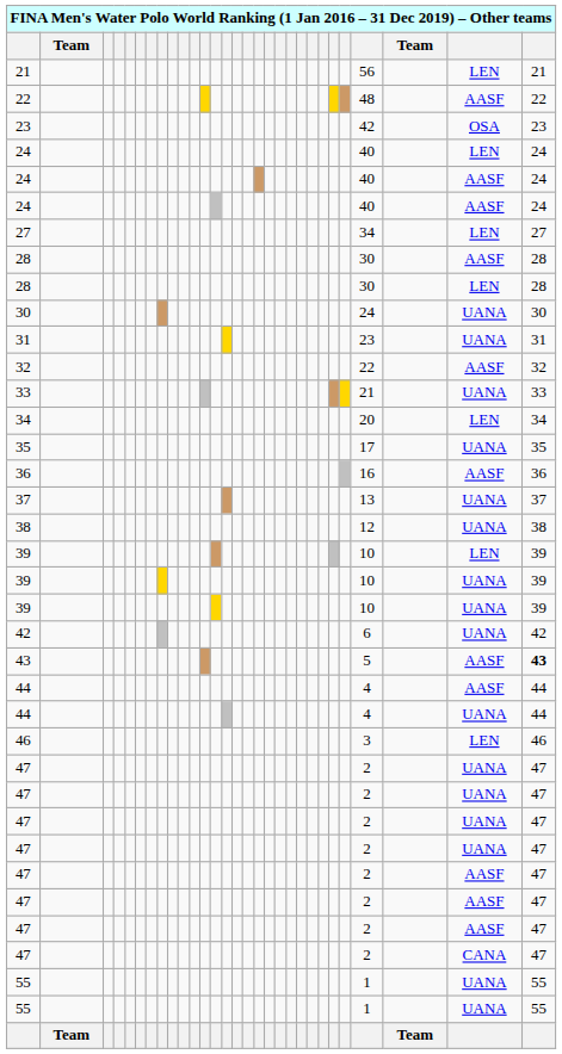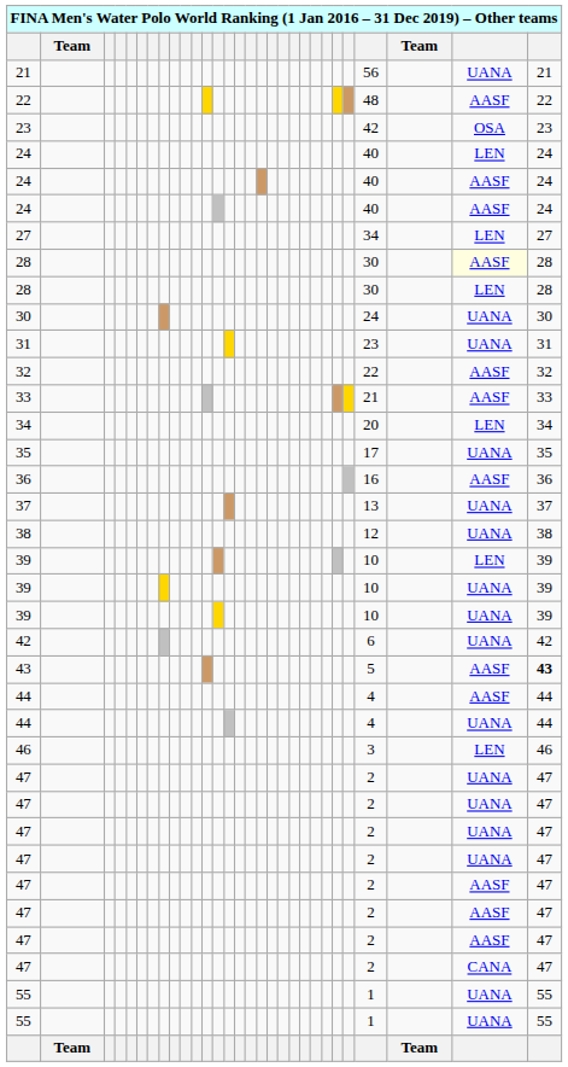 <table class="wikitable mw-collapsible autocollapse" style="text-align: center; font-size: 75%; margin-left: 1em;">
 <tr>
 <th colspan="29" style="background-color: #ccffff;">FINA Men's Water Polo World Ranking (1 Jan 2016 – 31 Dec 2019) – Other teams</th>
 </tr>
 <tr>
 <th></th>
 <th>Team</th>
 <th><a href='#'></a></th>
 <th><a href='#'></a></th>
 <th><a href='#'></a></th>
 <th><a href='#'></a></th>
 <th><a href='#'></a></th>
 <th></th>
 <th><a href='#'></a></th>
 <th><a href='#'></a></th>
 <th><a href='#'></a></th>
 <th><a href='#'></a></th>
 <th><a href='#'></a></th>
 <th></th>
 <th><a href='#'></a></th>
 <th><a href='#'></a></th>
 <th><a href='#'></a></th>
 <th><a href='#'></a></th>
 <th><a href='#'></a></th>
 <th><a href='#'></a></th>
 <th><a href='#'></a></th>
 <th><a href='#'></a></th>
 <th><a href='#'></a></th>
 <th><a href='#'></a></th>
 <th><a href='#'></a></th>
 <th></th>
 <th>Team</th>
 <th></th>
 <th></th>
 </tr>
 <tr>
 <td>21</td>
 <td style="text-align: left;"></td>
 <td></td>
 <td></td>
 <td></td>
 <td></td>
 <td></td>
 <td></td>
 <td></td>
 <td></td>
 <td></td>
 <td></td>
 <td></td>
 <td></td>
 <td></td>
 <td></td>
 <td></td>
 <td></td>
 <td></td>
 <td></td>
 <td></td>
 <td></td>
 <td></td>
 <td></td>
 <td></td>
 <td>56</td>
 <td style="text-align: left;"></td>
-<td><a href='#'>LEN</a></td>
+<td><a href='#'>UANA</a></td>
 <td>21</td>
 </tr>
 <tr>
 <td>22</td>
 <td style="text-align: left;"></td>
 <td></td>
 <td></td>
 <td></td>
 <td></td>
 <td></td>
 <td></td>
 <td></td>
 <td></td>
 <td></td>
 <td style="background-color: gold;"></td>
 <td></td>
 <td></td>
 <td></td>
 <td></td>
 <td></td>
 <td></td>
 <td></td>
 <td></td>
 <td></td>
 <td></td>
 <td></td>
 <td style="background-color: gold;"></td>
 <td style="background-color: #cc9966;"></td>
 <td>48</td>
 <td style="text-align: left;"></td>
 <td><a href='#'>AASF</a></td>
 <td>22</td>
 </tr>
 <tr>
 <td>23</td>
 <td style="text-align: left;"></td>
 <td></td>
 <td></td>
 <td></td>
 <td></td>
 <td></td>
 <td></td>
 <td></td>
 <td></td>
 <td></td>
 <td></td>
 <td></td>
 <td></td>
 <td></td>
 <td></td>
 <td></td>
 <td></td>
 <td></td>
 <td></td>
 <td></td>
 <td></td>
 <td></td>
 <td></td>
 <td></td>
 <td>42</td>
 <td style="text-align: left;"></td>
 <td><a href='#'>OSA</a></td>
 <td>23</td>
 </tr>
 <tr>
 <td>24</td>
 <td style="text-align: left;"></td>
 <td></td>
 <td></td>
 <td></td>
 <td></td>
 <td></td>
 <td></td>
 <td></td>
 <td></td>
 <td></td>
 <td></td>
 <td></td>
 <td></td>
 <td></td>
 <td></td>
 <td></td>
 <td></td>
 <td></td>
 <td></td>
 <td></td>
 <td></td>
 <td></td>
 <td></td>
 <td></td>
 <td>40</td>
 <td style="text-align: left;"></td>
 <td><a href='#'>LEN</a></td>
 <td>24</td>
 </tr>
 <tr>
 <td>24</td>
 <td style="text-align: left;"></td>
 <td></td>
 <td></td>
 <td></td>
 <td></td>
 <td></td>
 <td></td>
 <td></td>
 <td></td>
 <td></td>
 <td></td>
 <td></td>
 <td></td>
 <td></td>
 <td></td>
 <td style="background-color: #cc9966;"></td>
 <td></td>
 <td></td>
 <td></td>
 <td></td>
 <td></td>
 <td></td>
 <td></td>
 <td></td>
 <td>40</td>
 <td style="text-align: left;"></td>
 <td><a href='#'>AASF</a></td>
 <td>24</td>
 </tr>
 <tr>
 <td>24</td>
 <td style="text-align: left;"></td>
 <td></td>
 <td></td>
 <td></td>
 <td></td>
 <td></td>
 <td></td>
 <td></td>
 <td></td>
 <td></td>
 <td></td>
 <td style="background-color: silver;"></td>
 <td></td>
 <td></td>
 <td></td>
 <td></td>
 <td></td>
 <td></td>
 <td></td>
 <td></td>
 <td></td>
 <td></td>
 <td></td>
 <td></td>
 <td>40</td>
 <td style="text-align: left;"></td>
 <td><a href='#'>AASF</a></td>
 <td>24</td>
 </tr>
 <tr>
 <td>27</td>
 <td style="text-align: left;"></td>
 <td></td>
 <td></td>
 <td></td>
 <td></td>
 <td></td>
 <td></td>
 <td></td>
 <td></td>
 <td></td>
 <td></td>
 <td></td>
 <td></td>
 <td></td>
 <td></td>
 <td></td>
 <td></td>
 <td></td>
 <td></td>
 <td></td>
 <td></td>
 <td></td>
 <td></td>
 <td></td>
 <td>34</td>
 <td style="text-align: left;"></td>
 <td><a href='#'>LEN</a></td>
 <td>27</td>
 </tr>
 <tr>
 <td>28</td>
 <td style="text-align: left;"></td>
 <td></td>
 <td></td>
 <td></td>
 <td></td>
 <td></td>
 <td></td>
 <td></td>
 <td></td>
 <td></td>
 <td></td>
 <td></td>
 <td></td>
 <td></td>
 <td></td>
 <td></td>
 <td></td>
 <td></td>
 <td></td>
 <td></td>
 <td></td>
 <td></td>
 <td></td>
 <td></td>
 <td>30</td>
 <td style="text-align: left;"></td>
-<td><a href='#'>AASF</a></td>
+<td style="background: lightyellow;"><a href='#'>AASF</a></td>
 <td>28</td>
 </tr>
 <tr>
 <td>28</td>
 <td style="text-align: left;"></td>
 <td></td>
 <td></td>
 <td></td>
 <td></td>
 <td></td>
 <td></td>
 <td></td>
 <td></td>
 <td></td>
 <td></td>
 <td></td>
 <td></td>
 <td></td>
 <td></td>
 <td></td>
 <td></td>
 <td></td>
 <td></td>
 <td></td>
 <td></td>
 <td></td>
 <td></td>
 <td></td>
 <td>30</td>
 <td style="text-align: left;"></td>
 <td><a href='#'>LEN</a></td>
 <td>28</td>
 </tr>
 <tr>
 <td>30</td>
 <td style="text-align: left;"></td>
 <td></td>
 <td></td>
 <td></td>
 <td></td>
 <td></td>
 <td style="background-color: #cc9966;"></td>
 <td></td>
 <td></td>
 <td></td>
 <td></td>
 <td></td>
 <td></td>
 <td></td>
 <td></td>
 <td></td>
 <td></td>
 <td></td>
 <td></td>
 <td></td>
 <td></td>
 <td></td>
 <td></td>
 <td></td>
 <td>24</td>
 <td style="text-align: left;"></td>
 <td><a href='#'>UANA</a></td>
 <td>30</td>
 </tr>
 <tr>
 <td>31</td>
 <td style="text-align: left;"></td>
 <td></td>
 <td></td>
 <td></td>
 <td></td>
 <td></td>
 <td></td>
 <td></td>
 <td></td>
 <td></td>
 <td></td>
 <td></td>
 <td style="background-color: gold;"></td>
 <td></td>
 <td></td>
 <td></td>
 <td></td>
 <td></td>
 <td></td>
 <td></td>
 <td></td>
 <td></td>
 <td></td>
 <td></td>
 <td>23</td>
 <td style="text-align: left;"></td>
 <td><a href='#'>UANA</a></td>
 <td>31</td>
 </tr>
 <tr>
 <td>32</td>
 <td style="text-align: left;"></td>
 <td></td>
 <td></td>
 <td></td>
 <td></td>
 <td></td>
 <td></td>
 <td></td>
 <td></td>
 <td></td>
 <td></td>
 <td></td>
 <td></td>
 <td></td>
 <td></td>
 <td></td>
 <td></td>
 <td></td>
 <td></td>
 <td></td>
 <td></td>
 <td></td>
 <td></td>
 <td></td>
 <td>22</td>
 <td style="text-align: left;"></td>
 <td><a href='#'>AASF</a></td>
 <td>32</td>
 </tr>
 <tr>
 <td>33</td>
 <td style="text-align: left;"></td>
 <td></td>
 <td></td>
 <td></td>
 <td></td>
 <td></td>
 <td></td>
 <td></td>
 <td></td>
 <td></td>
 <td style="background-color: silver;"></td>
 <td></td>
 <td></td>
 <td></td>
 <td></td>
 <td></td>
 <td></td>
 <td></td>
 <td></td>
 <td></td>
 <td></td>
 <td></td>
 <td style="background-color: #cc9966;"></td>
 <td style="background-color: gold;"></td>
 <td>21</td>
 <td style="text-align: left;"></td>
-<td><a href='#'>UANA</a></td>
+<td><a href='#'>AASF</a></td>
 <td>33</td>
 </tr>
 <tr>
 <td>34</td>
 <td style="text-align: left;"></td>
 <td></td>
 <td></td>
 <td></td>
 <td></td>
 <td></td>
 <td></td>
 <td></td>
 <td></td>
 <td></td>
 <td></td>
 <td></td>
 <td></td>
 <td></td>
 <td></td>
 <td></td>
 <td></td>
 <td></td>
 <td></td>
 <td></td>
 <td></td>
 <td></td>
 <td></td>
 <td></td>
 <td>20</td>
 <td style="text-align: left;"></td>
 <td><a href='#'>LEN</a></td>
 <td>34</td>
 </tr>
 <tr>
 <td>35</td>
 <td style="text-align: left;"></td>
 <td></td>
 <td></td>
 <td></td>
 <td></td>
 <td></td>
 <td></td>
 <td></td>
 <td></td>
 <td></td>
 <td></td>
 <td></td>
 <td></td>
 <td></td>
 <td></td>
 <td></td>
 <td></td>
 <td></td>
 <td></td>
 <td></td>
 <td></td>
 <td></td>
 <td></td>
 <td></td>
 <td>17</td>
 <td style="text-align: left;"></td>
 <td><a href='#'>UANA</a></td>
 <td>35</td>
 </tr>
 <tr>
 <td>36</td>
 <td style="text-align: left;"></td>
 <td></td>
 <td></td>
 <td></td>
 <td></td>
 <td></td>
 <td></td>
 <td></td>
 <td></td>
 <td></td>
 <td></td>
 <td></td>
 <td></td>
 <td></td>
 <td></td>
 <td></td>
 <td></td>
 <td></td>
 <td></td>
 <td></td>
 <td></td>
 <td></td>
 <td></td>
 <td style="background-color: silver;"></td>
 <td>16</td>
 <td style="text-align: left;"></td>
 <td><a href='#'>AASF</a></td>
 <td>36</td>
 </tr>
 <tr>
 <td>37</td>
 <td style="text-align: left;"></td>
 <td></td>
 <td></td>
 <td></td>
 <td></td>
 <td></td>
 <td></td>
 <td></td>
 <td></td>
 <td></td>
 <td></td>
 <td></td>
 <td style="background-color: #cc9966;"></td>
 <td></td>
 <td></td>
 <td></td>
 <td></td>
 <td></td>
 <td></td>
 <td></td>
 <td></td>
 <td></td>
 <td></td>
 <td></td>
 <td>13</td>
 <td style="text-align: left;"></td>
 <td><a href='#'>UANA</a></td>
 <td>37</td>
 </tr>
 <tr>
 <td>38</td>
 <td style="text-align: left;"></td>
 <td></td>
 <td></td>
 <td></td>
 <td></td>
 <td></td>
 <td></td>
 <td></td>
 <td></td>
 <td></td>
 <td></td>
 <td></td>
 <td></td>
 <td></td>
 <td></td>
 <td></td>
 <td></td>
 <td></td>
 <td></td>
 <td></td>
 <td></td>
 <td></td>
 <td></td>
 <td></td>
 <td>12</td>
 <td style="text-align: left;"></td>
 <td><a href='#'>UANA</a></td>
 <td>38</td>
 </tr>
 <tr>
 <td>39</td>
 <td style="text-align: left;"></td>
 <td></td>
 <td></td>
 <td></td>
 <td></td>
 <td></td>
 <td></td>
 <td></td>
 <td></td>
 <td></td>
 <td></td>
 <td style="background-color: #cc9966;"></td>
 <td></td>
 <td></td>
 <td></td>
 <td></td>
 <td></td>
 <td></td>
 <td></td>
 <td></td>
 <td></td>
 <td></td>
 <td style="background-color: silver;"></td>
 <td></td>
 <td>10</td>
 <td style="text-align: left;"></td>
 <td><a href='#'>LEN</a></td>
 <td>39</td>
 </tr>
 <tr>
 <td>39</td>
 <td style="text-align: left;"></td>
 <td></td>
 <td></td>
 <td></td>
 <td></td>
 <td></td>
 <td style="background-color: gold;"></td>
 <td></td>
 <td></td>
 <td></td>
 <td></td>
 <td></td>
 <td></td>
 <td></td>
 <td></td>
 <td></td>
 <td></td>
 <td></td>
 <td></td>
 <td></td>
 <td></td>
 <td></td>
 <td></td>
 <td></td>
 <td>10</td>
 <td style="text-align: left;"></td>
 <td><a href='#'>UANA</a></td>
 <td>39</td>
 </tr>
 <tr>
 <td>39</td>
 <td style="text-align: left;"></td>
 <td></td>
 <td></td>
 <td></td>
 <td></td>
 <td></td>
 <td></td>
 <td></td>
 <td></td>
 <td></td>
 <td></td>
 <td style="background-color: gold;"></td>
 <td></td>
 <td></td>
 <td></td>
 <td></td>
 <td></td>
 <td></td>
 <td></td>
 <td></td>
 <td></td>
 <td></td>
 <td></td>
 <td></td>
 <td>10</td>
 <td style="text-align: left;"></td>
 <td><a href='#'>UANA</a></td>
 <td>39</td>
 </tr>
 <tr>
 <td>42</td>
 <td style="text-align: left;"></td>
 <td></td>
 <td></td>
 <td></td>
 <td></td>
 <td></td>
 <td style="background-color: silver;"></td>
 <td></td>
 <td></td>
 <td></td>
 <td></td>
 <td></td>
 <td></td>
 <td></td>
 <td></td>
 <td></td>
 <td></td>
 <td></td>
 <td></td>
 <td></td>
 <td></td>
 <td></td>
 <td></td>
 <td></td>
 <td>6</td>
 <td style="text-align: left;"></td>
 <td><a href='#'>UANA</a></td>
 <td>42</td>
 </tr>
 <tr>
 <td>43</td>
 <td style="text-align: left;"></td>
 <td></td>
 <td></td>
 <td></td>
 <td></td>
 <td></td>
 <td></td>
 <td></td>
 <td></td>
 <td></td>
 <td style="background-color: #cc9966;"></td>
 <td></td>
 <td></td>
 <td></td>
 <td></td>
 <td></td>
 <td></td>
 <td></td>
 <td></td>
 <td></td>
 <td></td>
 <td></td>
 <td></td>
 <td></td>
 <td>5</td>
 <td style="text-align: left;"></td>
 <td><a href='#'>AASF</a></td>
 <td><strong>43</strong></td>
 </tr>
 <tr>
 <td>44</td>
 <td style="text-align: left;"></td>
 <td></td>
 <td></td>
 <td></td>
 <td></td>
 <td></td>
 <td></td>
 <td></td>
 <td></td>
 <td></td>
 <td></td>
 <td></td>
 <td></td>
 <td></td>
 <td></td>
 <td></td>
 <td></td>
 <td></td>
 <td></td>
 <td></td>
 <td></td>
 <td></td>
 <td></td>
 <td></td>
 <td>4</td>
 <td style="text-align: left;"></td>
 <td><a href='#'>AASF</a></td>
 <td>44</td>
 </tr>
 <tr>
 <td>44</td>
 <td style="text-align: left;"></td>
 <td></td>
 <td></td>
 <td></td>
 <td></td>
 <td></td>
 <td></td>
 <td></td>
 <td></td>
 <td></td>
 <td></td>
 <td></td>
 <td style="background-color: silver;"></td>
 <td></td>
 <td></td>
 <td></td>
 <td></td>
 <td></td>
 <td></td>
 <td></td>
 <td></td>
 <td></td>
 <td></td>
 <td></td>
 <td>4</td>
 <td style="text-align: left;"></td>
 <td><a href='#'>UANA</a></td>
 <td>44</td>
 </tr>
 <tr>
 <td>46</td>
 <td style="text-align: left;"></td>
 <td></td>
 <td></td>
 <td></td>
 <td></td>
 <td></td>
 <td></td>
 <td></td>
 <td></td>
 <td></td>
 <td></td>
 <td></td>
 <td></td>
 <td></td>
 <td></td>
 <td></td>
 <td></td>
 <td></td>
 <td></td>
 <td></td>
 <td></td>
 <td></td>
 <td></td>
 <td></td>
 <td>3</td>
 <td style="text-align: left;"></td>
 <td><a href='#'>LEN</a></td>
 <td>46</td>
 </tr>
 <tr>
 <td>47</td>
 <td style="text-align: left;"></td>
 <td></td>
 <td></td>
 <td></td>
 <td></td>
 <td></td>
 <td></td>
 <td></td>
 <td></td>
 <td></td>
 <td></td>
 <td></td>
 <td></td>
 <td></td>
 <td></td>
 <td></td>
 <td></td>
 <td></td>
 <td></td>
 <td></td>
 <td></td>
 <td></td>
 <td></td>
 <td></td>
 <td>2</td>
 <td style="text-align: left;"></td>
 <td><a href='#'>UANA</a></td>
 <td>47</td>
 </tr>
 <tr>
 <td>47</td>
 <td style="text-align: left;"></td>
 <td></td>
 <td></td>
 <td></td>
 <td></td>
 <td></td>
 <td></td>
 <td></td>
 <td></td>
 <td></td>
 <td></td>
 <td></td>
 <td></td>
 <td></td>
 <td></td>
 <td></td>
 <td></td>
 <td></td>
 <td></td>
 <td></td>
 <td></td>
 <td></td>
 <td></td>
 <td></td>
 <td>2</td>
 <td style="text-align: left;"></td>
 <td><a href='#'>UANA</a></td>
 <td>47</td>
 </tr>
 <tr>
 <td>47</td>
 <td style="text-align: left;"></td>
 <td></td>
 <td></td>
 <td></td>
 <td></td>
 <td></td>
 <td></td>
 <td></td>
 <td></td>
 <td></td>
 <td></td>
 <td></td>
 <td></td>
 <td></td>
 <td></td>
 <td></td>
 <td></td>
 <td></td>
 <td></td>
 <td></td>
 <td></td>
 <td></td>
 <td></td>
 <td></td>
 <td>2</td>
 <td style="text-align: left;"></td>
 <td><a href='#'>UANA</a></td>
 <td>47</td>
 </tr>
 <tr>
 <td>47</td>
 <td style="text-align: left;"></td>
 <td></td>
 <td></td>
 <td></td>
 <td></td>
 <td></td>
 <td></td>
 <td></td>
 <td></td>
 <td></td>
 <td></td>
 <td></td>
 <td></td>
 <td></td>
 <td></td>
 <td></td>
 <td></td>
 <td></td>
 <td></td>
 <td></td>
 <td></td>
 <td></td>
 <td></td>
 <td></td>
 <td>2</td>
 <td style="text-align: left;"></td>
 <td><a href='#'>UANA</a></td>
 <td>47</td>
 </tr>
 <tr>
 <td>47</td>
 <td style="text-align: left;"></td>
 <td></td>
 <td></td>
 <td></td>
 <td></td>
 <td></td>
 <td></td>
 <td></td>
 <td></td>
 <td></td>
 <td></td>
 <td></td>
 <td></td>
 <td></td>
 <td></td>
 <td></td>
 <td></td>
 <td></td>
 <td></td>
 <td></td>
 <td></td>
 <td></td>
 <td></td>
 <td></td>
 <td>2</td>
 <td style="text-align: left;"></td>
 <td><a href='#'>AASF</a></td>
 <td>47</td>
 </tr>
 <tr>
 <td>47</td>
 <td style="text-align: left;"></td>
 <td></td>
 <td></td>
 <td></td>
 <td></td>
 <td></td>
 <td></td>
 <td></td>
 <td></td>
 <td></td>
 <td></td>
 <td></td>
 <td></td>
 <td></td>
 <td></td>
 <td></td>
 <td></td>
 <td></td>
 <td></td>
 <td></td>
 <td></td>
 <td></td>
 <td></td>
 <td></td>
 <td>2</td>
 <td style="text-align: left;"></td>
 <td><a href='#'>AASF</a></td>
 <td>47</td>
 </tr>
 <tr>
 <td>47</td>
 <td style="text-align: left;"></td>
 <td></td>
 <td></td>
 <td></td>
 <td></td>
 <td></td>
 <td></td>
 <td></td>
 <td></td>
 <td></td>
 <td></td>
 <td></td>
 <td></td>
 <td></td>
 <td></td>
 <td></td>
 <td></td>
 <td></td>
 <td></td>
 <td></td>
 <td></td>
 <td></td>
 <td></td>
 <td></td>
 <td>2</td>
 <td style="text-align: left;"></td>
 <td><a href='#'>AASF</a></td>
 <td>47</td>
 </tr>
 <tr>
 <td>47</td>
 <td style="text-align: left;"></td>
 <td></td>
 <td></td>
 <td></td>
 <td></td>
 <td></td>
 <td></td>
 <td></td>
 <td></td>
 <td></td>
 <td></td>
 <td></td>
 <td></td>
 <td></td>
 <td></td>
 <td></td>
 <td></td>
 <td></td>
 <td></td>
 <td></td>
 <td></td>
 <td></td>
 <td></td>
 <td></td>
 <td>2</td>
 <td style="text-align: left;"></td>
 <td><a href='#'>CANA</a></td>
 <td>47</td>
 </tr>
 <tr>
 <td>55</td>
 <td style="text-align: left;"></td>
 <td></td>
 <td></td>
 <td></td>
 <td></td>
 <td></td>
 <td></td>
 <td></td>
 <td></td>
 <td></td>
 <td></td>
 <td></td>
 <td></td>
 <td></td>
 <td></td>
 <td></td>
 <td></td>
 <td></td>
 <td></td>
 <td></td>
 <td></td>
 <td></td>
 <td></td>
 <td></td>
 <td>1</td>
 <td style="text-align: left;"></td>
 <td><a href='#'>UANA</a></td>
 <td>55</td>
 </tr>
 <tr>
 <td>55</td>
 <td style="text-align: left;"></td>
 <td></td>
 <td></td>
 <td></td>
 <td></td>
 <td></td>
 <td></td>
 <td></td>
 <td></td>
 <td></td>
 <td></td>
 <td></td>
 <td></td>
 <td></td>
 <td></td>
 <td></td>
 <td></td>
 <td></td>
 <td></td>
 <td></td>
 <td></td>
 <td></td>
 <td></td>
 <td></td>
 <td>1</td>
 <td style="text-align: left;"></td>
 <td><a href='#'>UANA</a></td>
 <td>55</td>
 </tr>
 <tr>
 <th></th>
 <th>Team</th>
 <th><a href='#'></a></th>
 <th><a href='#'></a></th>
 <th><a href='#'></a></th>
 <th><a href='#'></a></th>
 <th><a href='#'></a></th>
 <th></th>
 <th><a href='#'></a></th>
 <th><a href='#'></a></th>
 <th><a href='#'></a></th>
 <th><a href='#'></a></th>
 <th><a href='#'></a></th>
 <th></th>
 <th><a href='#'></a></th>
 <th><a href='#'></a></th>
 <th><a href='#'></a></th>
 <th><a href='#'></a></th>
 <th><a href='#'></a></th>
 <th><a href='#'></a></th>
 <th><a href='#'></a></th>
 <th><a href='#'></a></th>
 <th><a href='#'></a></th>
 <th><a href='#'></a></th>
 <th><a href='#'></a></th>
 <th></th>
 <th>Team</th>
 <th></th>
 <th></th>
 </tr>
 </table>
